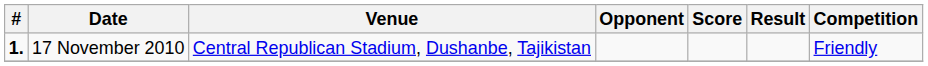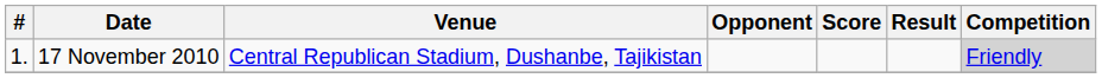 <table class="wikitable" style="font-size:95%;">
 <tr>
 <th>#</th>
 <th>Date</th>
 <th>Venue</th>
 <th>Opponent</th>
 <th>Score</th>
 <th>Result</th>
 <th>Competition</th>
 </tr>
 <tr>
-<td><strong>1.</strong></td>
+<td>1.</td>
 <td>17 November 2010</td>
 <td><a href='#'>Central Republican Stadium</a>, <a href='#'>Dushanbe</a>, <a href='#'>Tajikistan</a></td>
 <td></td>
 <td></td>
 <td></td>
-<td><a href='#'>Friendly</a></td>
+<td style="background: lightgrey;"><a href='#'>Friendly</a></td>
 </tr>
 <tr>
 </tr>
 </table>
